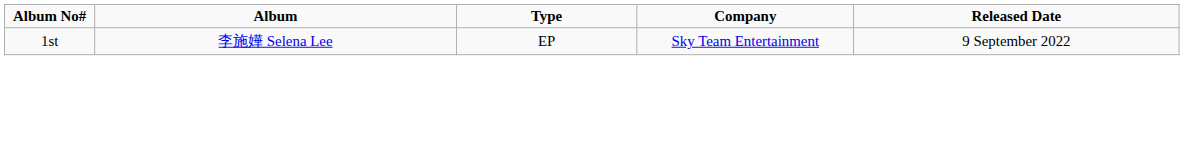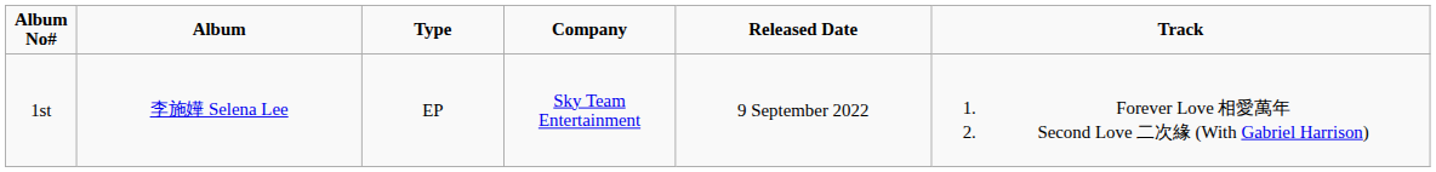 <table class="wikitable" style="text-align:center;" width="100%">
 <tr>
 <td style="width:5%"><strong>Album No#</strong></td>
 <td style="width:20%"><strong>Album</strong></td>
 <td style="width:10%"><strong>Type</strong></td>
 <td style="width:12%"><strong>Company</strong></td>
 <td style="width:18%"><strong>Released Date</strong></td>
+<td style="width:35%"><strong>Track</strong></td>
 </tr>
 <tr>
 <td>1st</td>
 <td><a href='#'>李施嬅 Selena Lee</a></td>
 <td>EP</td>
 <td><a href='#'>Sky Team Entertainment</a></td>
 <td>9 September 2022</td>
+<td><br><ol><li>Forever Love 相愛萬年</li><li>Second Love 二次緣 (With <a href='#'>Gabriel Harrison</a>)</li></ol></td>
 </tr>
 </table>
